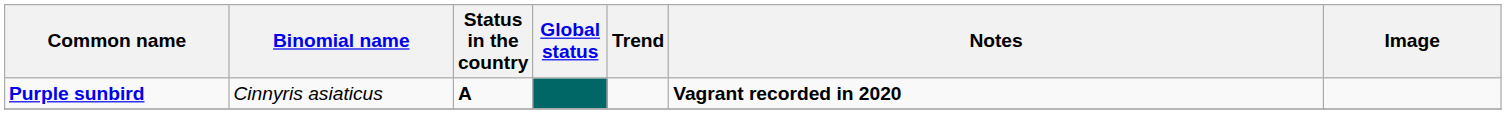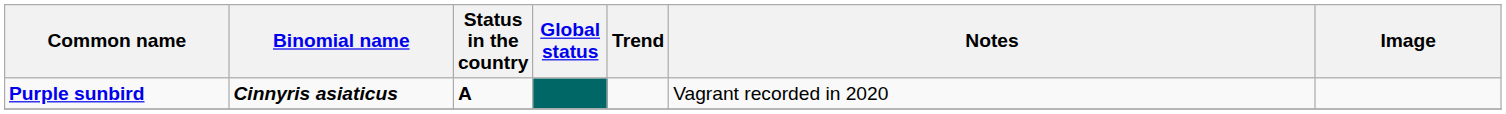 <table class="wikitable sortable">
 <tr>
 <th width="15%">Common name</th>
 <th width="15%"><a href='#'>Binomial name</a></th>
 <th width="1%">Status in the country</th>
 <th width="5%"><a href='#'>Global status</a></th>
 <th width="1%">Trend</th>
 <th class="unsortable">Notes</th>
 <th class="unsortable">Image</th>
 </tr>
 <tr>
 <td><strong><a href='#'>Purple sunbird</a></strong></td>
-<td><em>Cinnyris asiaticus</em></td>
+<td><strong><em>Cinnyris asiaticus</em></strong></td>
 <td><strong>A</strong></td>
 <td align=center style="background: #006666"></td>
 <td align=center></td>
-<td><strong>Vagrant recorded in 2020</strong></td>
+<td>Vagrant recorded in 2020</td>
 <td><br></td>
 </tr>
 <tr>
 </tr>
 </table>
